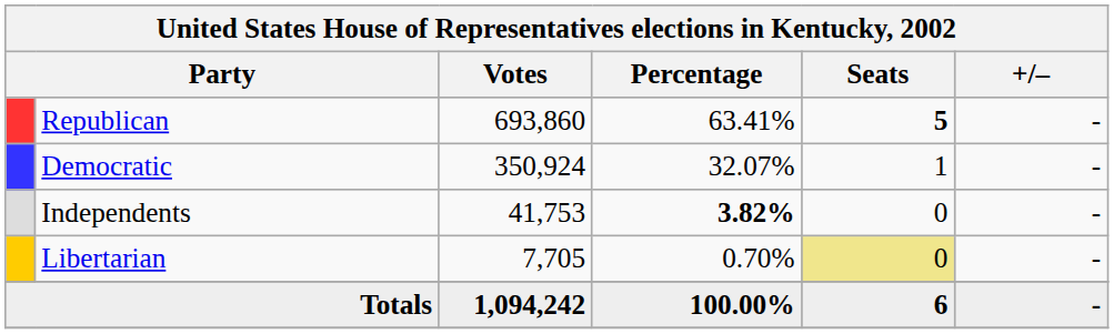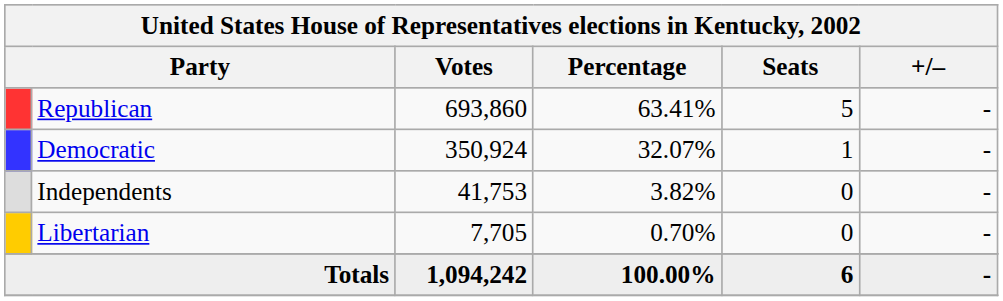 <table class="wikitable" style="font-size: 95%;">
 <tr>
 <th colspan="6">United States House of Representatives elections in Kentucky, 2002</th>
 </tr>
 <tr>
 <th colspan=2 style="width: 15em">Party</th>
 <th style="width: 5em">Votes</th>
 <th style="width: 7em">Percentage</th>
 <th style="width: 5em">Seats</th>
 <th style="width: 5em">+/–</th>
 </tr>
 <tr>
 <th style="background-color:#FF3333; width: 3px"></th>
 <td style="width: 130px"><a href='#'>Republican</a></td>
 <td align="right">693,860</td>
 <td align="right">63.41%</td>
-<td align="right"><strong>5</strong></td>
+<td align="right">5</td>
 <td align="right">-</td>
 </tr>
 <tr>
 <th style="background-color:#3333FF; width: 3px"></th>
 <td style="width: 130px"><a href='#'>Democratic</a></td>
 <td align="right">350,924</td>
 <td align="right">32.07%</td>
 <td align="right">1</td>
 <td align="right">-</td>
 </tr>
 <tr>
 <th style="background-color:#DDDDDD; width: 3px"></th>
 <td style="width: 130px">Independents</td>
 <td align="right">41,753</td>
-<td align="right"><strong>3.82%</strong></td>
+<td align="right">3.82%</td>
 <td align="right">0</td>
 <td align="right">-</td>
 </tr>
 <tr>
 <th style="background-color:#FFCC00; width: 3px"></th>
 <td style="width: 130px"><a href='#'>Libertarian</a></td>
 <td align="right">7,705</td>
 <td align="right">0.70%</td>
-<td align="right" style="background: khaki;">0</td>
+<td align="right">0</td>
 <td align="right">-</td>
 </tr>
 <tr>
 </tr>
 <tr bgcolor="#EEEEEE">
 <td colspan="2" align="right"><strong>Totals</strong></td>
 <td align="right"><strong>1,094,242</strong></td>
 <td align="right"><strong>100.00%</strong></td>
 <td align="right"><strong>6</strong></td>
 <td align="right"><strong>-</strong></td>
 </tr>
 <tr bgcolor="#EEEEEE">
 </tr>
 </table>
